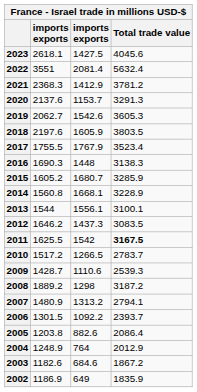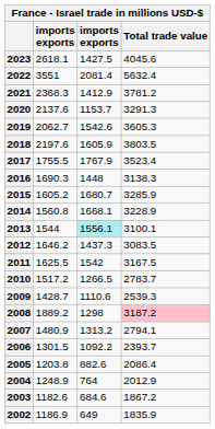 <table class="wikitable mw-collapsible mw-collapsed">
 <tr>
 <th colspan="4">France - Israel trade in millions USD-$</th>
 </tr>
 <tr>
 <th></th>
 <th> imports<br> exports</th>
 <th> imports<br> exports</th>
 <th>Total trade value</th>
 </tr>
 <tr>
 <th>2023</th>
 <td>2618.1</td>
 <td>1427.5</td>
 <td>4045.6</td>
 </tr>
 <tr>
 <th>2022</th>
 <td>3551</td>
 <td>2081.4</td>
 <td>5632.4</td>
 </tr>
 <tr>
 <th>2021</th>
 <td>2368.3</td>
 <td>1412.9</td>
 <td>3781.2</td>
 </tr>
 <tr>
 <th>2020</th>
 <td>2137.6</td>
 <td>1153.7</td>
 <td>3291.3</td>
 </tr>
 <tr>
 <th>2019</th>
 <td>2062.7</td>
 <td>1542.6</td>
 <td>3605.3</td>
 </tr>
 <tr>
 <th>2018</th>
 <td>2197.6</td>
 <td>1605.9</td>
 <td>3803.5</td>
 </tr>
 <tr>
 <th>2017</th>
 <td>1755.5</td>
 <td>1767.9</td>
 <td>3523.4</td>
 </tr>
 <tr>
 <th>2016</th>
 <td>1690.3</td>
 <td>1448</td>
 <td>3138.3</td>
 </tr>
 <tr>
 <th>2015</th>
 <td>1605.2</td>
 <td>1680.7</td>
 <td>3285.9</td>
 </tr>
 <tr>
 <th>2014</th>
 <td>1560.8</td>
 <td>1668.1</td>
 <td>3228.9</td>
 </tr>
 <tr>
 <th>2013</th>
 <td>1544</td>
-<td>1556.1</td>
+<td style="background: paleturquoise;">1556.1</td>
 <td>3100.1</td>
 </tr>
 <tr>
 <th>2012</th>
 <td>1646.2</td>
 <td>1437.3</td>
 <td>3083.5</td>
 </tr>
 <tr>
 <th>2011</th>
 <td>1625.5</td>
 <td>1542</td>
-<td><strong>3167.5</strong></td>
+<td>3167.5</td>
 </tr>
 <tr>
 <th>2010</th>
 <td>1517.2</td>
 <td>1266.5</td>
 <td>2783.7</td>
 </tr>
 <tr>
 <th>2009</th>
 <td>1428.7</td>
 <td>1110.6</td>
 <td>2539.3</td>
 </tr>
 <tr>
 <th>2008</th>
 <td>1889.2</td>
 <td>1298</td>
-<td>3187.2</td>
+<td style="background: pink;">3187.2</td>
 </tr>
 <tr>
 <th>2007</th>
 <td>1480.9</td>
 <td>1313.2</td>
 <td>2794.1</td>
 </tr>
 <tr>
 <th>2006</th>
 <td>1301.5</td>
 <td>1092.2</td>
 <td>2393.7</td>
 </tr>
 <tr>
 <th>2005</th>
 <td>1203.8</td>
 <td>882.6</td>
 <td>2086.4</td>
 </tr>
 <tr>
 <th>2004</th>
 <td>1248.9</td>
 <td>764</td>
 <td>2012.9</td>
 </tr>
 <tr>
 <th>2003</th>
 <td>1182.6</td>
 <td>684.6</td>
 <td>1867.2</td>
 </tr>
 <tr>
 <th>2002</th>
 <td>1186.9</td>
 <td>649</td>
 <td>1835.9</td>
 </tr>
 </table>
